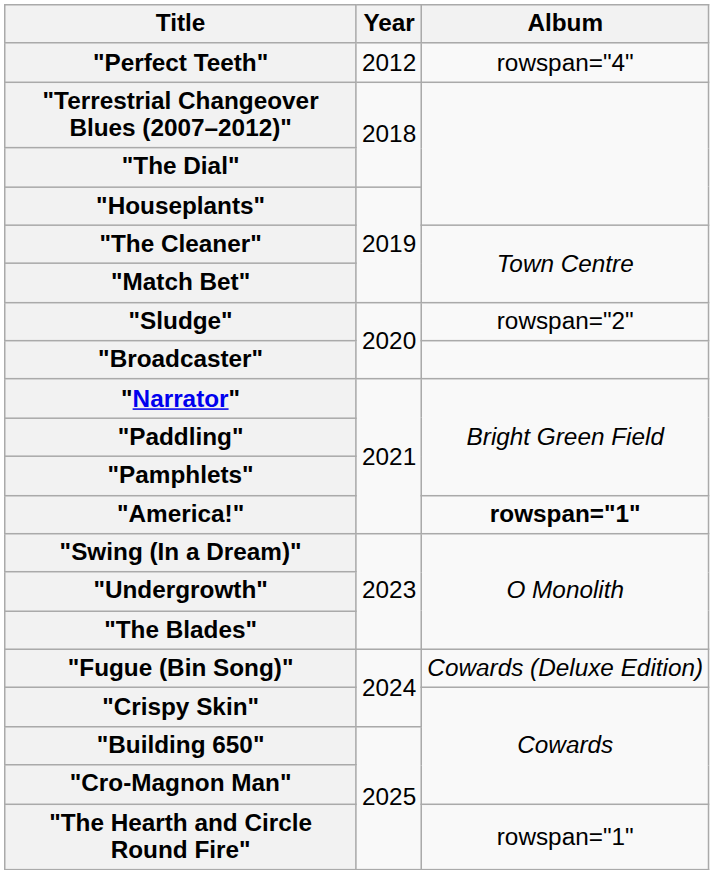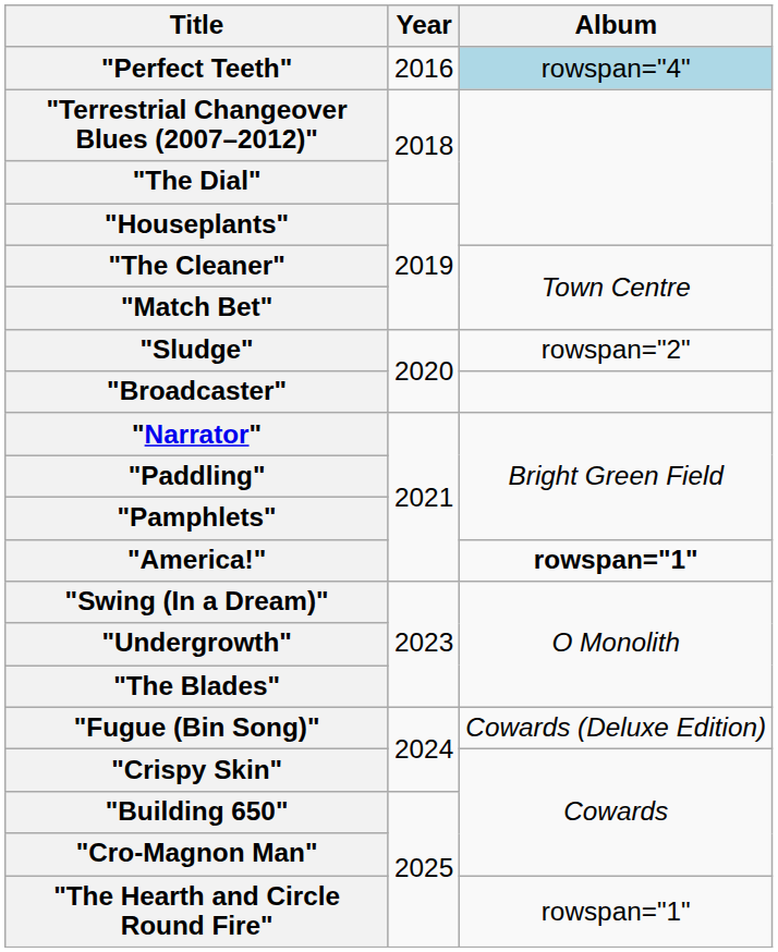 <table class="wikitable plainrowheaders" style="text-align:center;">
 <tr>
 <th scope="col" style="width:14em;">Title</th>
 <th scope="col">Year</th>
 <th scope="col">Album</th>
 </tr>
 <tr>
 <th scope="row">"Perfect Teeth"</th>
-<td>2012</td>
-<td>rowspan="4" </td>
+<td>2016</td>
+<td style="background: lightblue;">rowspan="4" </td>
 </tr>
 <tr>
 <th scope="row">"Terrestrial Changeover Blues (2007–2012)"</th>
 <td rowspan="2">2018</td>
 </tr>
 <tr>
 <th scope="row">"The Dial"</th>
 </tr>
 <tr>
 <th scope="row">"Houseplants"</th>
 <td rowspan="3">2019</td>
 </tr>
 <tr>
 <th scope="row">"The Cleaner"</th>
 <td rowspan="2"><em>Town Centre</em></td>
 </tr>
 <tr>
 <th scope="row">"Match Bet"</th>
 </tr>
 <tr>
 <th scope="row">"Sludge"</th>
 <td rowspan="2">2020</td>
 <td>rowspan="2" </td>
 </tr>
 <tr>
 <th scope="row">"Broadcaster"</th>
 </tr>
 <tr>
 <th scope="row">"<a href='#'>Narrator</a>"</th>
 <td rowspan="4">2021</td>
 <td rowspan="3"><em>Bright Green Field</em></td>
 </tr>
 <tr>
 <th scope="row">"Paddling"</th>
 </tr>
 <tr>
 <th scope="row">"Pamphlets"</th>
 </tr>
 <tr>
 <th scope="row">"America!"</th>
 <td><strong>rowspan="1" </strong></td>
 </tr>
 <tr>
 <th scope="row">"Swing (In a Dream)"</th>
 <td rowspan="3">2023</td>
 <td rowspan="3"><em>O Monolith</em></td>
 </tr>
 <tr>
 <th scope="row">"Undergrowth"</th>
 </tr>
 <tr>
 <th scope="row">"The Blades"</th>
 </tr>
 <tr>
 <th scope="row">"Fugue (Bin Song)"</th>
 <td rowspan="2">2024</td>
 <td rowspan="1"><em>Cowards (Deluxe Edition)</em></td>
 </tr>
 <tr>
 <th scope="row">"Crispy Skin"</th>
 <td rowspan="3"><em>Cowards</em></td>
 </tr>
 <tr>
 <th scope="row">"Building 650"</th>
 <td rowspan="3">2025</td>
 </tr>
 <tr>
 <th scope="row">"Cro-Magnon Man"</th>
 </tr>
 <tr>
 <th scope="row">"The Hearth and Circle Round Fire"</th>
 <td>rowspan="1" </td>
 </tr>
 </table>
